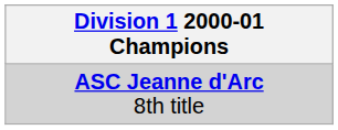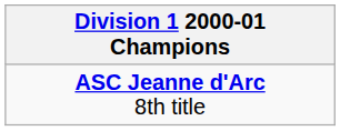 <table class="wikitable" style="margin: 0 auto; width: 240px;">
 <tr>
 <th><a href='#'>Division 1</a> 2000-01<br>Champions</th>
 </tr>
 <tr>
-<td align=center style="background: lightgrey;"><strong><a href='#'>ASC Jeanne d'Arc</a></strong><br>8th title</td>
+<td align=center><strong><a href='#'>ASC Jeanne d'Arc</a></strong><br>8th title</td>
 </tr>
 </table>
